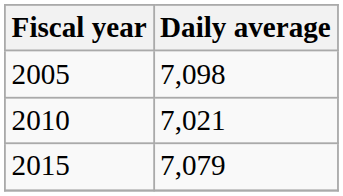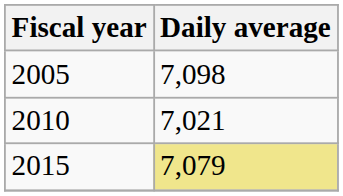 <table class="wikitable">
 <tr>
 <th>Fiscal year</th>
 <th>Daily average</th>
 </tr>
 <tr>
 <td>2005</td>
 <td>7,098</td>
 </tr>
 <tr>
 <td>2010</td>
 <td>7,021</td>
 </tr>
 <tr>
 <td>2015</td>
-<td>7,079</td>
+<td style="background: khaki;">7,079</td>
 </tr>
 <tr>
 </tr>
 </table>
